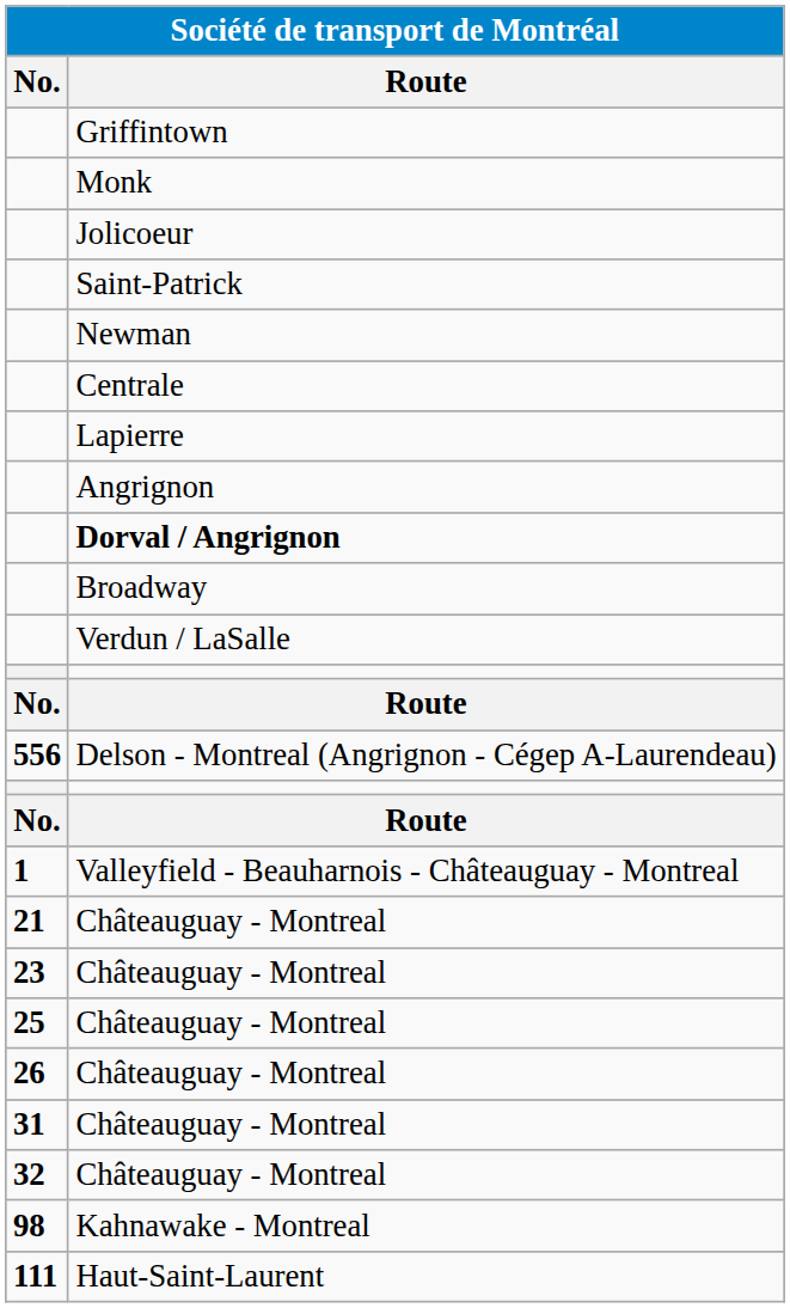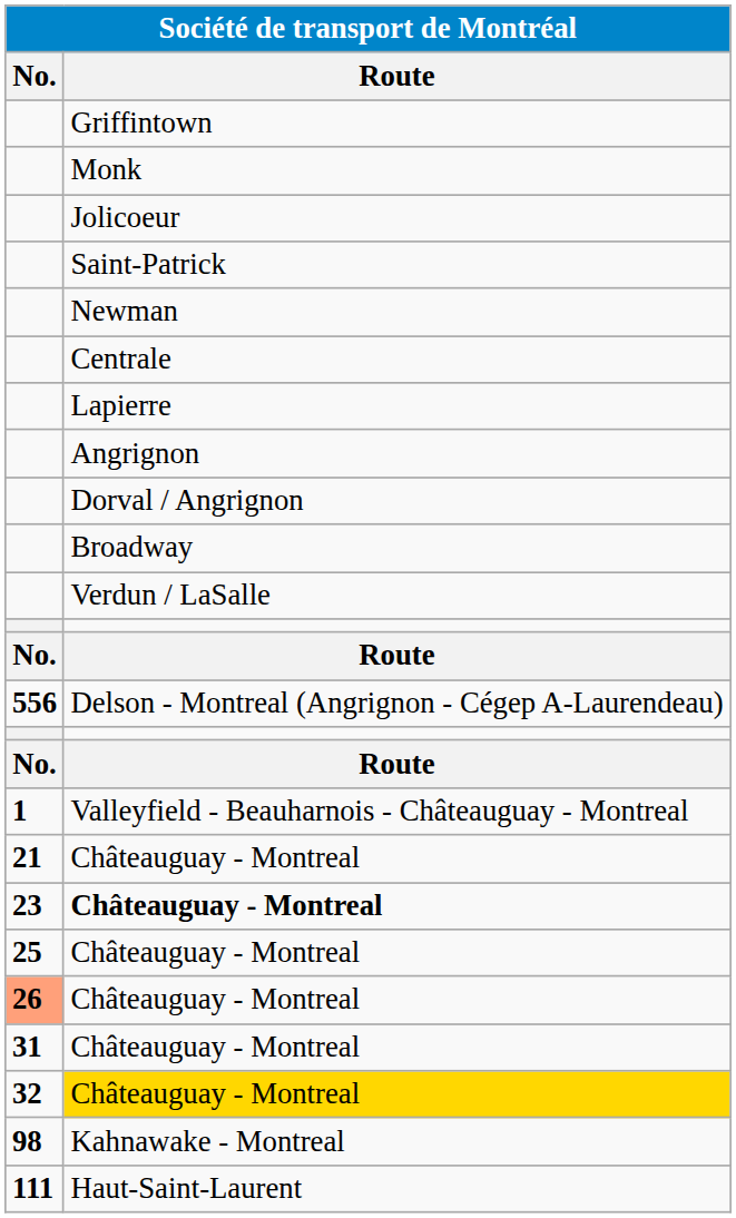 <table align=center class="wikitable">
 <tr>
 <th style="background: #0085CA; font-size:100%; color:#FFFFFF;"colspan="4">Société de transport de Montréal</th>
 </tr>
 <tr>
 <th>No.</th>
 <th>Route</th>
 </tr>
 <tr>
 <td></td>
 <td>Griffintown</td>
 </tr>
 <tr>
 <td></td>
 <td>Monk</td>
 </tr>
 <tr>
 <td></td>
 <td>Jolicoeur</td>
 </tr>
 <tr>
 <td></td>
 <td>Saint-Patrick</td>
 </tr>
 <tr>
 <td {{Avoid wrap> </td>
 <td>Newman</td>
 </tr>
 <tr>
 <td></td>
 <td>Centrale</td>
 </tr>
 <tr>
 <td></td>
 <td>Lapierre</td>
 </tr>
 <tr>
 <td></td>
 <td>Angrignon</td>
 </tr>
 <tr>
 <td></td>
-<td><strong>Dorval / Angrignon</strong></td>
+<td>Dorval / Angrignon</td>
 </tr>
 <tr>
 <td></td>
 <td>Broadway</td>
 </tr>
 <tr>
 <td {{Avoid wrap> </td>
 <td>Verdun / LaSalle</td>
 </tr>
 <tr>
 <th style="background: #"></th>
 </tr>
 <tr>
 <th>No.</th>
 <th>Route</th>
 </tr>
 <tr>
 <td {{border> <strong>556</strong></td>
 <td>Delson - Montreal (Angrignon - Cégep A-Laurendeau)</td>
 </tr>
 <tr>
 <th style="background: #"><strong></strong></th>
 </tr>
 <tr>
 <th>No.</th>
 <th>Route</th>
 </tr>
 <tr>
 <td {{border> <strong>1</strong></td>
 <td>Valleyfield - Beauharnois - Châteauguay - Montreal</td>
 </tr>
 <tr>
 <td {{border> <strong>21</strong></td>
 <td>Châteauguay - Montreal</td>
 </tr>
 <tr>
 <td {{border> <strong>23</strong></td>
-<td>Châteauguay - Montreal</td>
+<td><strong>Châteauguay - Montreal</strong></td>
 </tr>
 <tr>
 <td {{border> <strong>25</strong></td>
 <td>Châteauguay - Montreal</td>
 </tr>
 <tr>
-<td {{border> <strong>26</strong></td>
+<td {{border style="background: lightsalmon;"> <strong>26</strong></td>
 <td>Châteauguay - Montreal</td>
 </tr>
 <tr>
 <td {{border> <strong>31</strong></td>
 <td>Châteauguay - Montreal</td>
 </tr>
 <tr>
 <td {{border> <strong>32</strong></td>
-<td>Châteauguay - Montreal</td>
+<td style="background: gold;">Châteauguay - Montreal</td>
 </tr>
 <tr>
 <td {{border> <strong>98</strong></td>
 <td>Kahnawake - Montreal</td>
 </tr>
 <tr>
 <td {{border> <strong>111</strong></td>
 <td>Haut-Saint-Laurent</td>
 </tr>
 </table>
